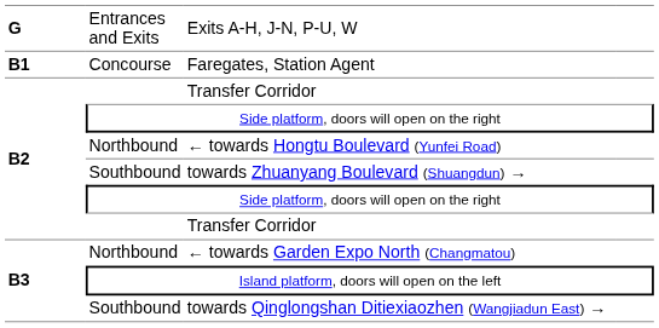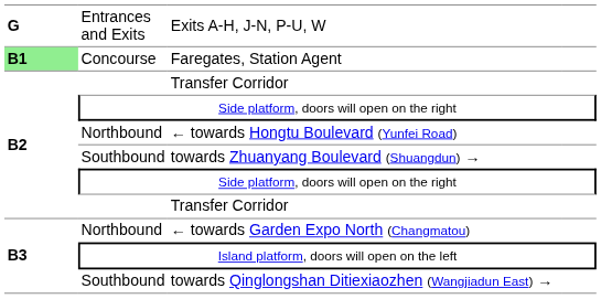 <table table border=0 cellspacing=0 cellpadding=3>
 <tr>
 <td style="border-bottom:solid 1px gray; border-top:solid 1px gray;"><strong>G</strong></td>
 <td style="border-bottom:solid 1px gray; border-top:solid 1px gray;">Entrances and Exits</td>
 <td style="border-bottom:solid 1px gray; border-top:solid 1px gray;">Exits A-H, J-N, P-U, W</td>
 <td style="border-bottom:solid 1px gray; border-top:solid 1px gray;"></td>
 </tr>
 <tr>
-<td width=70><strong>B1</strong></td>
+<td width=70 style="background: lightgreen;"><strong>B1</strong></td>
 <td width=70>Concourse</td>
 <td width=400>Faregates, Station Agent</td>
 <td width=30></td>
 </tr>
 <tr>
 <td style="border-top:solid 1px gray;border-bottom:solid 1px gray;" rowspan=6><strong>B2</strong></td>
 <td style="border-top:solid 1px gray;"></td>
 <td style="border-top:solid 1px gray;">Transfer Corridor</td>
 <td style="border-top:solid 1px gray;"></td>
 </tr>
 <tr>
 <td style="border-right:solid 2px black;border-left:solid 2px black;border-top:solid 1px gray;border-bottom:solid 2px black;text-align:center;" colspan=3><small><a href='#'>Side platform</a>, doors will open on the right</small></td>
 </tr>
 <tr>
 <td>Northbound</td>
 <td>←  towards <a href='#'>Hongtu Boulevard</a> <small>(<a href='#'>Yunfei Road</a>)</small></td>
 <td></td>
 </tr>
 <tr>
 <td style="border-top:solid 1px gray;">Southbound</td>
 <td style="border-top:solid 1px gray;"> towards <a href='#'>Zhuanyang Boulevard</a> <small>(<a href='#'>Shuangdun</a>)</small> →</td>
 <td style="border-top:solid 1px gray;"></td>
 </tr>
 <tr>
 <td style="border-right:solid 2px black;border-left:solid 2px black;border-top:solid 2px black;border-bottom:solid 1px gray;text-align:center;" colspan=3><small><a href='#'>Side platform</a>, doors will open on the right</small></td>
 </tr>
 <tr>
 <td style="border-bottom:solid 1px gray;"></td>
 <td style="border-bottom:solid 1px gray;">Transfer Corridor</td>
 <td style="border-bottom:solid 1px gray;"></td>
 </tr>
 <tr>
 <td style="border-bottom:solid 1px gray;" rowspan=3><strong>B3</strong></td>
 <td>Northbound</td>
 <td>←  towards <a href='#'>Garden Expo North</a> <small>(<a href='#'>Changmatou</a>)</small></td>
 <td></td>
 </tr>
 <tr>
 <td style="border-right:solid 2px black;border-left:solid 2px black;border-top:solid 2px black;border-bottom:solid 2px black;text-align:center;" colspan=3><small><a href='#'>Island platform</a>, doors will open on the left</small></td>
 </tr>
 <tr>
 <td style="border-bottom:solid 1px gray;">Southbound</td>
 <td style="border-bottom:solid 1px gray;"> towards <a href='#'>Qinglongshan Ditiexiaozhen</a> <small>(<a href='#'>Wangjiadun East</a>)</small> →</td>
 <td style="border-bottom:solid 1px gray;"></td>
 </tr>
 <tr>
 </tr>
 </table>
